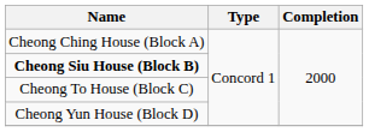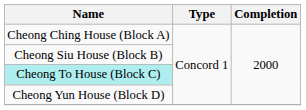 <table class="wikitable" style="text-align: center">
 <tr>
 <th>Name</th>
 <th>Type</th>
 <th>Completion</th>
 </tr>
 <tr>
 <td>Cheong Ching House (Block A)</td>
 <td rowspan="4">Concord 1</td>
 <td rowspan="4">2000</td>
 </tr>
 <tr>
-<td><strong>Cheong Siu House (Block B)</strong></td>
+<td>Cheong Siu House (Block B)</td>
 </tr>
 <tr>
-<td>Cheong To House (Block C)</td>
+<td style="background: paleturquoise;">Cheong To House (Block C)</td>
 </tr>
 <tr>
 <td>Cheong Yun House (Block D)</td>
 </tr>
 <tr>
 </tr>
 </table>
